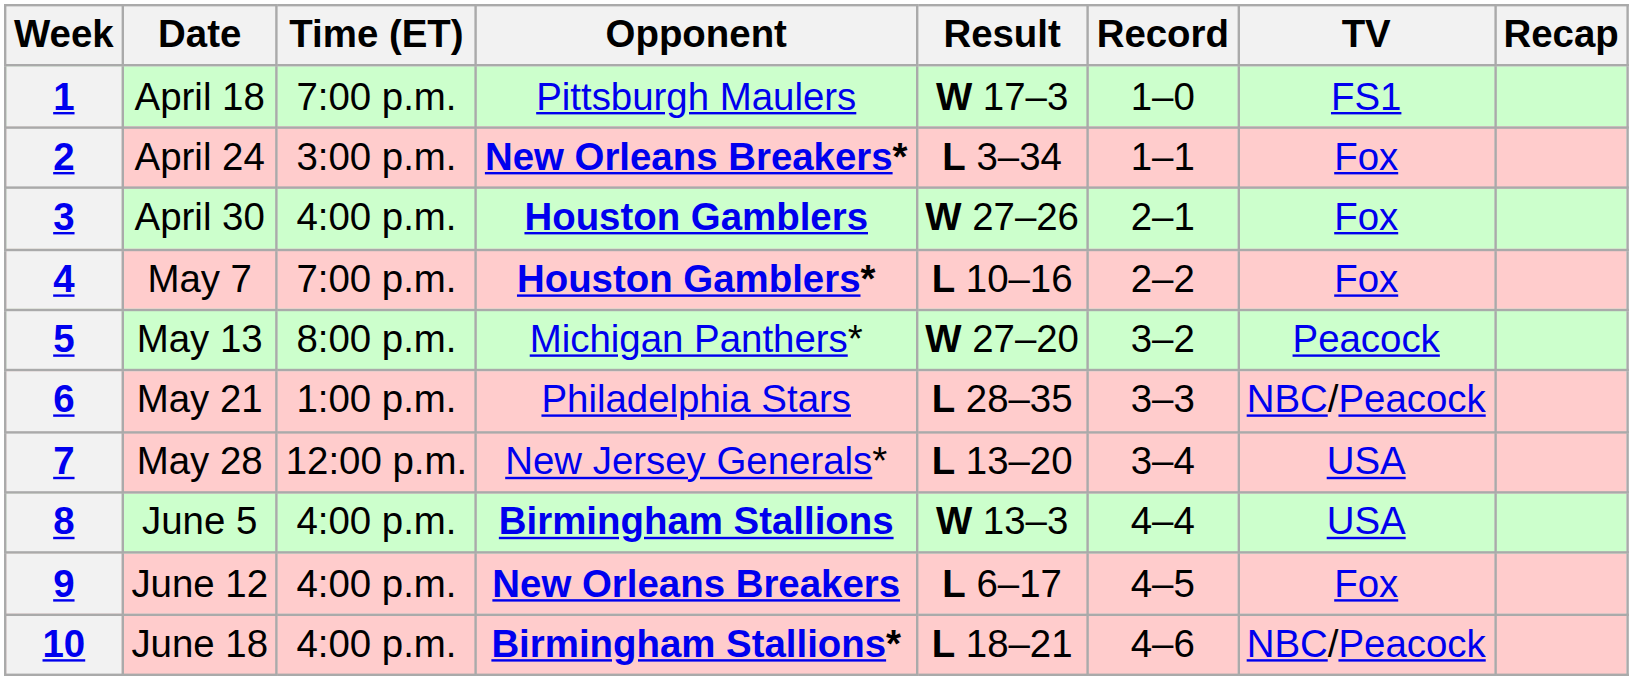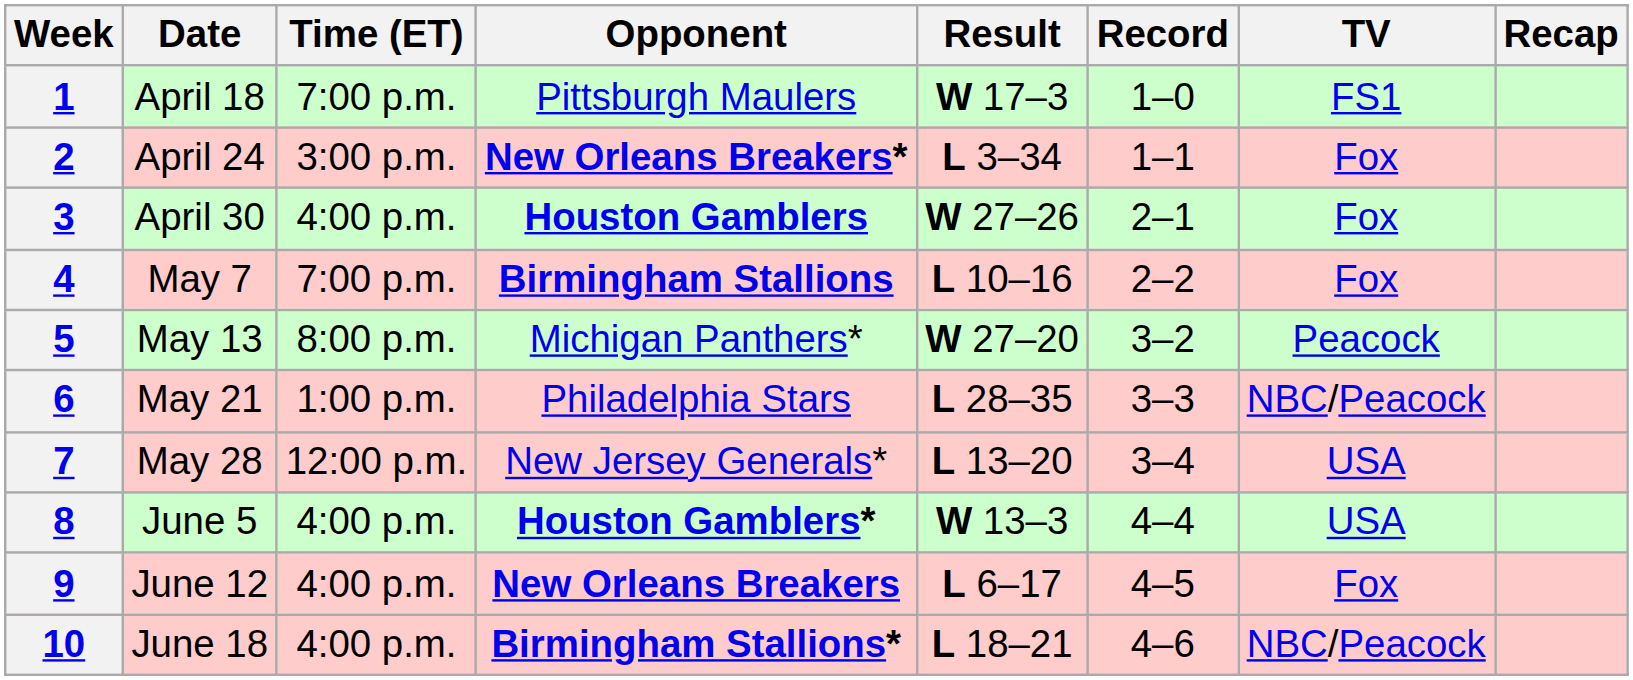 <table class="wikitable" style="text-align:center">
 <tr>
 <th>Week</th>
 <th>Date</th>
 <th>Time (ET)</th>
 <th>Opponent</th>
 <th>Result</th>
 <th>Record</th>
 <th>TV</th>
 <th>Recap</th>
 </tr>
 <tr style="background:#ccffcc">
 <th><a href='#'>1</a></th>
 <td>April 18</td>
 <td>7:00 p.m.</td>
 <td><a href='#'>Pittsburgh Maulers</a></td>
 <td><strong>W</strong> 17–3</td>
 <td>1–0</td>
 <td><a href='#'>FS1</a></td>
 <td></td>
 </tr>
 <tr style="background:#ffcccc">
 <th><a href='#'>2</a></th>
 <td>April 24</td>
 <td>3:00 p.m.</td>
 <td><strong><a href='#'>New Orleans Breakers</a>*</strong></td>
 <td><strong>L</strong> 3–34</td>
 <td>1–1</td>
 <td><a href='#'>Fox</a></td>
 <td></td>
 </tr>
 <tr style="background:#ccffcc">
 <th><a href='#'>3</a></th>
 <td>April 30</td>
 <td>4:00 p.m.</td>
 <td><strong><a href='#'>Houston Gamblers</a></strong></td>
 <td><strong>W</strong> 27–26</td>
 <td>2–1</td>
 <td><a href='#'>Fox</a></td>
 <td></td>
 </tr>
 <tr style="background:#ffcccc">
 <th><a href='#'>4</a></th>
 <td>May 7</td>
 <td>7:00 p.m.</td>
-<td><strong><a href='#'>Houston Gamblers</a>*</strong></td>
+<td><strong><a href='#'>Birmingham Stallions</a></strong></td>
 <td><strong>L</strong> 10–16</td>
 <td>2–2</td>
 <td><a href='#'>Fox</a></td>
 <td></td>
 </tr>
 <tr style="background:#ccffcc">
 <th><a href='#'>5</a></th>
 <td>May 13</td>
 <td>8:00 p.m.</td>
 <td><a href='#'>Michigan Panthers</a>*</td>
 <td><strong>W</strong> 27–20</td>
 <td>3–2</td>
 <td><a href='#'>Peacock</a></td>
 <td></td>
 </tr>
 <tr style="background:#ffcccc">
 <th><a href='#'>6</a></th>
 <td>May 21</td>
 <td>1:00 p.m.</td>
 <td><a href='#'>Philadelphia Stars</a></td>
 <td><strong>L</strong> 28–35</td>
 <td>3–3</td>
 <td><a href='#'>NBC</a>/<a href='#'>Peacock</a></td>
 <td></td>
 </tr>
 <tr style="background:#ffcccc">
 <th><a href='#'>7</a></th>
 <td>May 28</td>
 <td>12:00 p.m.</td>
 <td><a href='#'>New Jersey Generals</a>*</td>
 <td><strong>L</strong> 13–20</td>
 <td>3–4</td>
 <td><a href='#'>USA</a></td>
 <td></td>
 </tr>
 <tr style="background:#ccffcc">
 <th><a href='#'>8</a></th>
 <td>June 5</td>
 <td>4:00 p.m.</td>
-<td><strong><a href='#'>Birmingham Stallions</a></strong></td>
+<td><strong><a href='#'>Houston Gamblers</a>*</strong></td>
 <td><strong>W</strong> 13–3</td>
 <td>4–4</td>
 <td><a href='#'>USA</a></td>
 <td></td>
 </tr>
 <tr style="background:#ffcccc">
 <th><a href='#'>9</a></th>
 <td>June 12</td>
 <td>4:00 p.m.</td>
 <td><strong><a href='#'>New Orleans Breakers</a></strong></td>
 <td><strong>L</strong> 6–17</td>
 <td>4–5</td>
 <td><a href='#'>Fox</a></td>
 <td></td>
 </tr>
 <tr style="background:#ffcccc">
 <th><a href='#'>10</a></th>
 <td>June 18</td>
 <td>4:00 p.m.</td>
 <td><strong><a href='#'>Birmingham Stallions</a>*</strong></td>
 <td><strong>L</strong> 18–21</td>
 <td>4–6</td>
 <td><a href='#'>NBC</a>/<a href='#'>Peacock</a></td>
 <td></td>
 </tr>
 </table>
